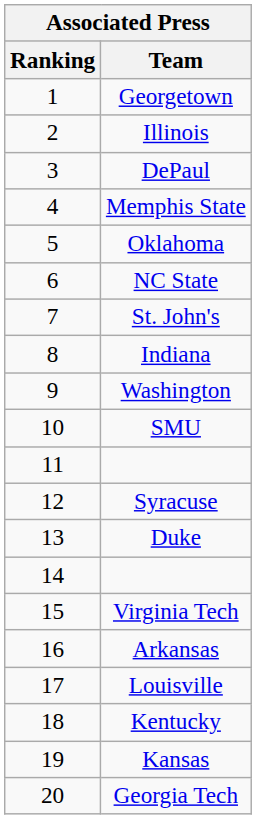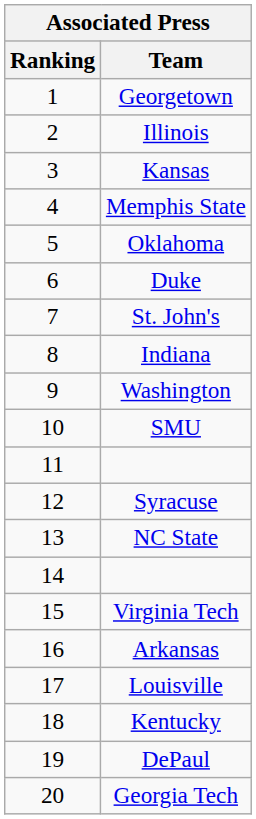 <table class="wikitable" style="text-align:center;">
 <tr>
 <th colspan=2><strong>Associated Press</strong></th>
 </tr>
 <tr>
 <th>Ranking</th>
 <th>Team</th>
 </tr>
 <tr>
 <td>1</td>
 <td><a href='#'>Georgetown</a></td>
 </tr>
 <tr>
 <td>2</td>
 <td><a href='#'>Illinois</a></td>
 </tr>
 <tr>
 <td>3</td>
-<td><a href='#'>DePaul</a></td>
+<td><a href='#'>Kansas</a></td>
 </tr>
 <tr>
 <td>4</td>
 <td><a href='#'>Memphis State</a></td>
 </tr>
 <tr>
 <td>5</td>
 <td><a href='#'>Oklahoma</a></td>
 </tr>
 <tr>
 <td>6</td>
-<td><a href='#'>NC State</a></td>
+<td><a href='#'>Duke</a></td>
 </tr>
 <tr>
 <td>7</td>
 <td><a href='#'>St. John's</a></td>
 </tr>
 <tr>
 <td>8</td>
 <td><a href='#'>Indiana</a></td>
 </tr>
 <tr>
 <td>9</td>
 <td><a href='#'>Washington</a></td>
 </tr>
 <tr>
 <td>10</td>
 <td><a href='#'>SMU</a></td>
 </tr>
 <tr>
 <td>11</td>
 <td></td>
 </tr>
 <tr>
 <td>12</td>
 <td><a href='#'>Syracuse</a></td>
 </tr>
 <tr>
 <td>13</td>
-<td><a href='#'>Duke</a></td>
+<td><a href='#'>NC State</a></td>
 </tr>
 <tr>
 <td>14</td>
 <td></td>
 </tr>
 <tr>
 <td>15</td>
 <td><a href='#'>Virginia Tech</a></td>
 </tr>
 <tr>
 <td>16</td>
 <td><a href='#'>Arkansas</a></td>
 </tr>
 <tr>
 <td>17</td>
 <td><a href='#'>Louisville</a></td>
 </tr>
 <tr>
 <td>18</td>
 <td><a href='#'>Kentucky</a></td>
 </tr>
 <tr>
 <td>19</td>
-<td><a href='#'>Kansas</a></td>
+<td><a href='#'>DePaul</a></td>
 </tr>
 <tr>
 <td>20</td>
 <td><a href='#'>Georgia Tech</a></td>
 </tr>
 </table>
